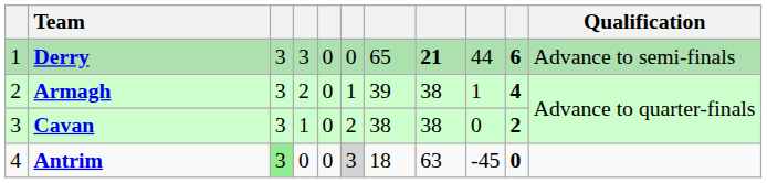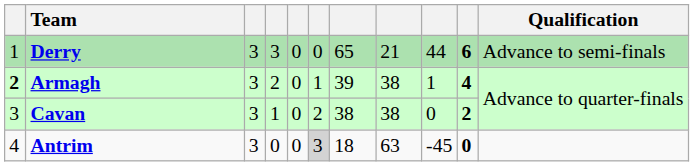 <table class="wikitable">
 <tr>
 <th width=10></th>
 <th width=170 style="text-align:left;">Team</th>
 <th width=10></th>
 <th width=10></th>
 <th width=10></th>
 <th width=10></th>
 <th width=30></th>
 <th width=30></th>
 <th width=10></th>
 <th width=10></th>
 <th>Qualification</th>
 </tr>
 <tr style="background:#ace1af">
 <td>1</td>
 <td align=left><strong> <a href='#'>Derry</a></strong></td>
 <td>3</td>
 <td>3</td>
 <td>0</td>
 <td>0</td>
 <td>65</td>
-<td><strong>21</strong></td>
+<td>21</td>
 <td>44</td>
 <td><strong>6</strong></td>
 <td>Advance to semi-finals</td>
 </tr>
 <tr style="background:#ccffcc">
-<td>2</td>
+<td><strong>2</strong></td>
 <td align=left><strong> <a href='#'>Armagh</a></strong></td>
 <td>3</td>
 <td>2</td>
 <td>0</td>
 <td>1</td>
 <td>39</td>
 <td>38</td>
 <td>1</td>
 <td><strong>4</strong></td>
 <td rowspan="2">Advance to quarter-finals</td>
 </tr>
 <tr style="background:#ccffcc">
 <td>3</td>
 <td align=left><strong> <a href='#'>Cavan</a></strong></td>
 <td>3</td>
 <td>1</td>
 <td>0</td>
 <td>2</td>
 <td>38</td>
 <td>38</td>
 <td>0</td>
 <td><strong>2</strong></td>
 </tr>
 <tr>
 <td>4</td>
 <td align=left><strong> <a href='#'>Antrim</a></strong></td>
-<td style="background: lightgreen;">3</td>
+<td>3</td>
 <td>0</td>
 <td>0</td>
 <td style="background: lightgrey;">3</td>
 <td>18</td>
 <td>63</td>
 <td>-45</td>
 <td><strong>0</strong></td>
 </tr>
 </table>
